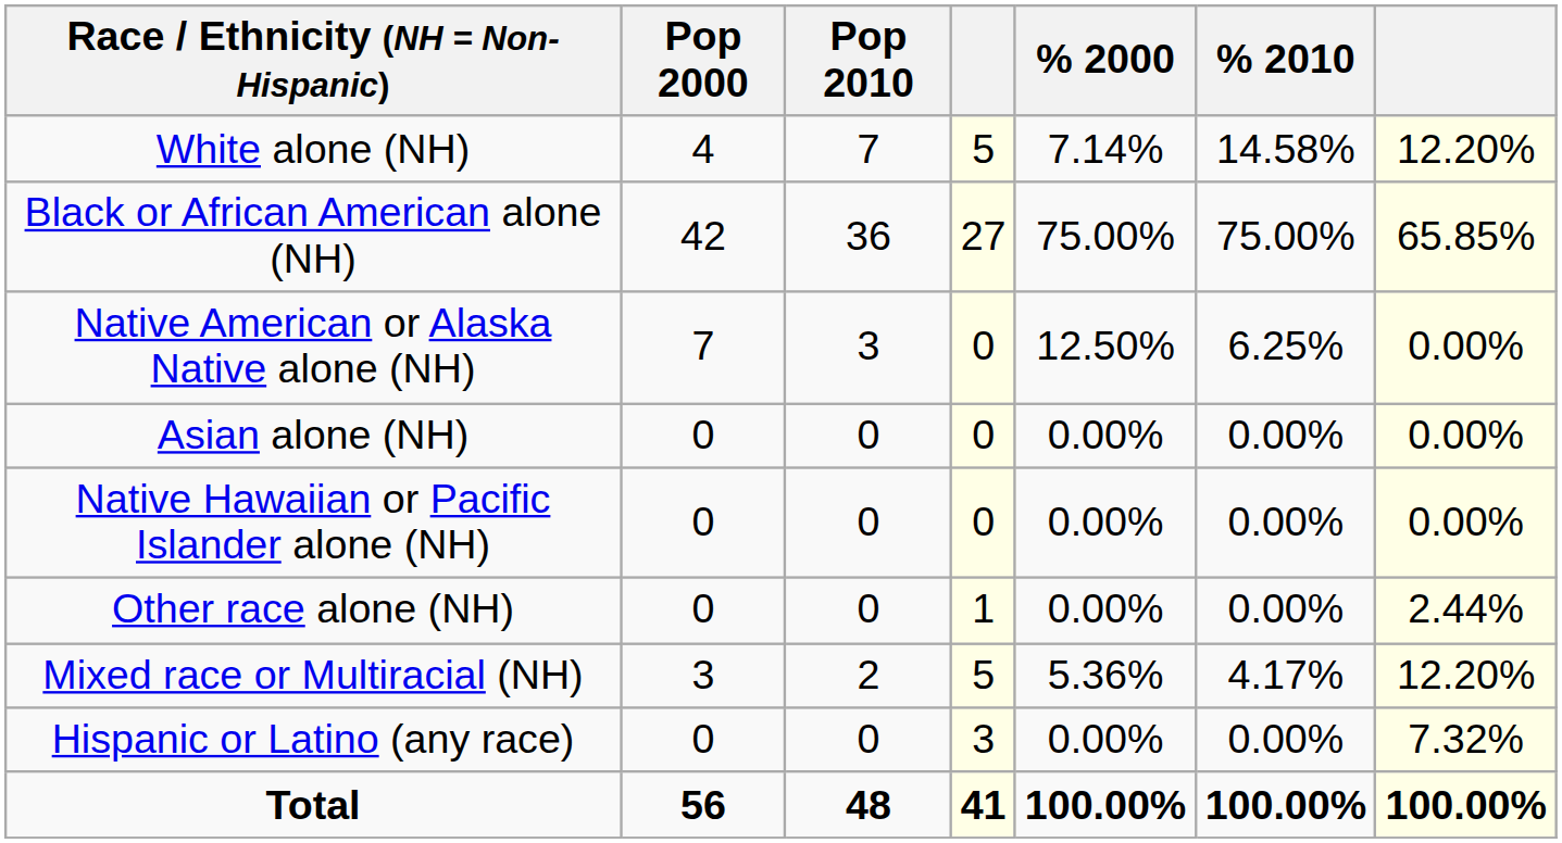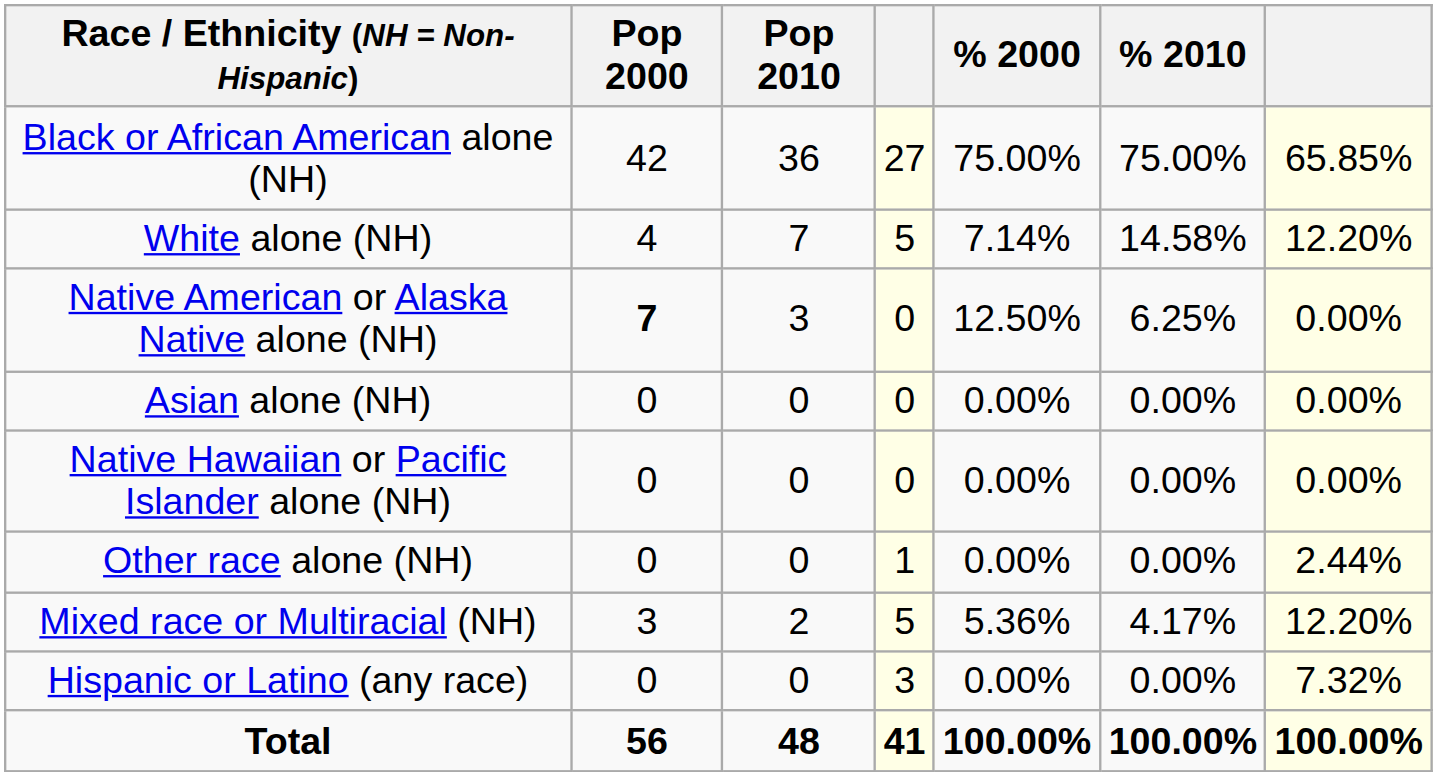 <table class="wikitable" style="text-align:center;">
 <tr>
 <th>Race / Ethnicity <small>(<em>NH = Non-Hispanic</em>)</small></th>
 <th>Pop 2000</th>
 <th>Pop 2010</th>
 <th></th>
 <th>% 2000</th>
 <th>% 2010</th>
 <th></th>
 </tr>
 <tr>
+<td><a href='#'>Black or African American</a> alone (NH)</td>
+<td>42</td>
+<td>36</td>
+<td style='background: #ffffe6;'>27</td>
+<td>75.00%</td>
+<td>75.00%</td>
+<td style='background: #ffffe6;'>65.85%</td>
+</tr>
+<tr>
 <td><a href='#'>White</a> alone (NH)</td>
 <td>4</td>
 <td>7</td>
 <td style='background: #ffffe6;'>5</td>
 <td>7.14%</td>
 <td>14.58%</td>
 <td style='background: #ffffe6;'>12.20%</td>
 </tr>
 <tr>
-<td><a href='#'>Black or African American</a> alone (NH)</td>
-<td>42</td>
-<td>36</td>
-<td style='background: #ffffe6;'>27</td>
-<td>75.00%</td>
-<td>75.00%</td>
-<td style='background: #ffffe6;'>65.85%</td>
-</tr>
-<tr>
 <td><a href='#'>Native American</a> or <a href='#'>Alaska Native</a> alone (NH)</td>
-<td>7</td>
+<td><strong>7</strong></td>
 <td>3</td>
 <td style='background: #ffffe6;'>0</td>
 <td>12.50%</td>
 <td>6.25%</td>
 <td style='background: #ffffe6;'>0.00%</td>
 </tr>
 <tr>
 <td><a href='#'>Asian</a> alone (NH)</td>
 <td>0</td>
 <td>0</td>
 <td style='background: #ffffe6;'>0</td>
 <td>0.00%</td>
 <td>0.00%</td>
 <td style='background: #ffffe6;'>0.00%</td>
 </tr>
 <tr>
 <td><a href='#'>Native Hawaiian</a> or <a href='#'>Pacific Islander</a> alone (NH)</td>
 <td>0</td>
 <td>0</td>
 <td style='background: #ffffe6;'>0</td>
 <td>0.00%</td>
 <td>0.00%</td>
 <td style='background: #ffffe6;'>0.00%</td>
 </tr>
 <tr>
 <td><a href='#'>Other race</a> alone (NH)</td>
 <td>0</td>
 <td>0</td>
 <td style='background: #ffffe6;'>1</td>
 <td>0.00%</td>
 <td>0.00%</td>
 <td style='background: #ffffe6;'>2.44%</td>
 </tr>
 <tr>
 <td><a href='#'>Mixed race or Multiracial</a> (NH)</td>
 <td>3</td>
 <td>2</td>
 <td style='background: #ffffe6;'>5</td>
 <td>5.36%</td>
 <td>4.17%</td>
 <td style='background: #ffffe6;'>12.20%</td>
 </tr>
 <tr>
 <td><a href='#'>Hispanic or Latino</a> (any race)</td>
 <td>0</td>
 <td>0</td>
 <td style='background: #ffffe6;'>3</td>
 <td>0.00%</td>
 <td>0.00%</td>
 <td style='background: #ffffe6;'>7.32%</td>
 </tr>
 <tr>
 <td><strong>Total</strong></td>
 <td><strong>56</strong></td>
 <td><strong>48</strong></td>
 <td style='background: #ffffe6;'><strong>41</strong></td>
 <td><strong>100.00%</strong></td>
 <td><strong>100.00%</strong></td>
 <td style='background: #ffffe6;'><strong>100.00%</strong></td>
 </tr>
 </table>
